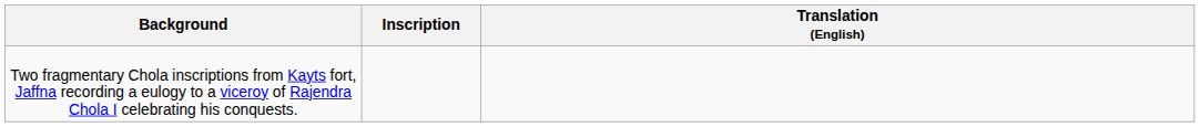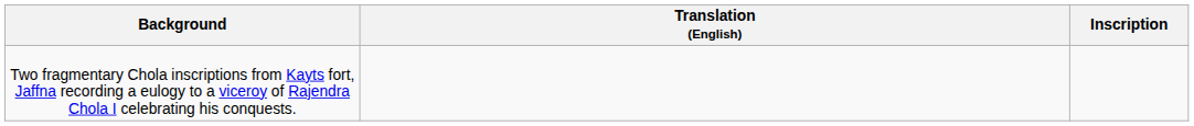 <table class="wikitable centre">
 <tr>
 <th scope="col" align=left>Background<br></th>
+<th>Translation<br><small>(English)</small></th>
 <th>Inscription<br></th>
-<th>Translation<br><small>(English)</small></th>
 </tr>
 <tr>
 <td align=center width="30%"><br>Two fragmentary Chola inscriptions from <a href='#'>Kayts</a> fort, <a href='#'>Jaffna</a> recording a eulogy to a <a href='#'>viceroy</a> of <a href='#'>Rajendra Chola I</a> celebrating his conquests.</td>
+<td align=left><br></td>
 <td align=center width="10%"><br></td>
-<td align=left><br></td>
 </tr>
 </table>
